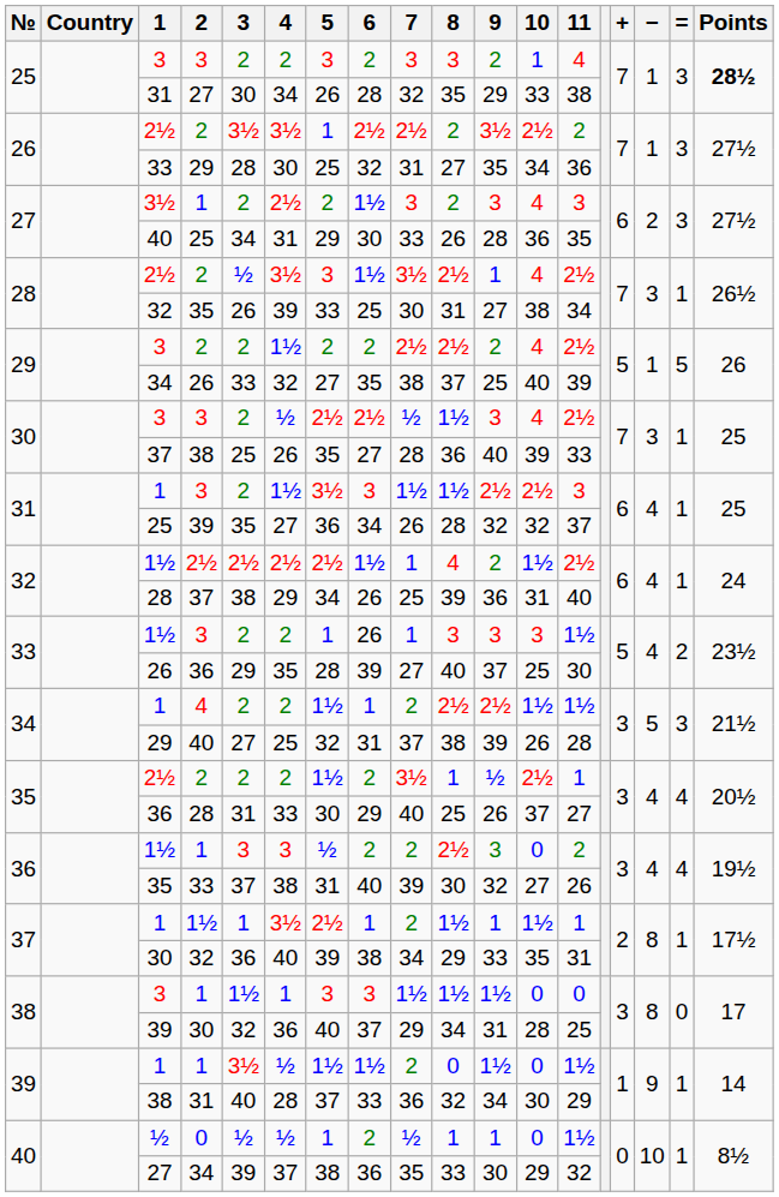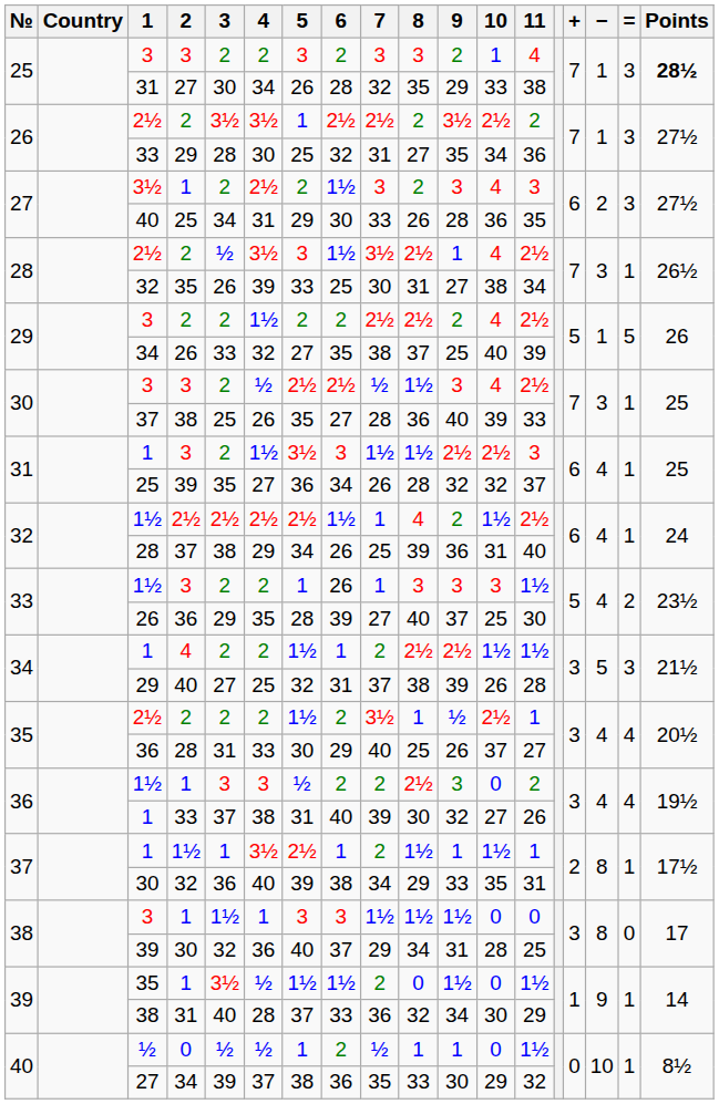 <table class="wikitable" style="text-align:center">
 <tr>
 <th>№</th>
 <th>Country</th>
 <th>1</th>
 <th>2</th>
 <th>3</th>
 <th>4</th>
 <th>5</th>
 <th>6</th>
 <th>7</th>
 <th>8</th>
 <th>9</th>
 <th>10</th>
 <th>11</th>
 <th></th>
 <th>+</th>
 <th>−</th>
 <th>=</th>
 <th>Points</th>
 </tr>
 <tr>
 <td rowspan="2">25</td>
 <td align=left rowspan="2"></td>
 <td style="color: red;">3</td>
 <td style="color: red;">3</td>
 <td style="color: green">2</td>
 <td style="color: green">2</td>
 <td style="color: red;">3</td>
 <td style="color: green">2</td>
 <td style="color: red;">3</td>
 <td style="color: red;">3</td>
 <td style="color: green">2</td>
 <td style="color: blue;">1</td>
 <td style="color: red;">4</td>
 <th rowspan="2"></th>
 <td rowspan="2">7</td>
 <td rowspan="2">1</td>
 <td rowspan="2">3</td>
 <td rowspan="2"><strong>28½</strong></td>
 </tr>
 <tr>
 <td>31</td>
 <td>27</td>
 <td>30</td>
 <td>34</td>
 <td>26</td>
 <td>28</td>
 <td>32</td>
 <td>35</td>
 <td>29</td>
 <td>33</td>
 <td>38</td>
 </tr>
 <tr>
 <td rowspan="2">26</td>
 <td align=left rowspan="2"></td>
 <td style="color: red;">2½</td>
 <td style="color: green">2</td>
 <td style="color: red;">3½</td>
 <td style="color: red;">3½</td>
 <td style="color: blue;">1</td>
 <td style="color: red;">2½</td>
 <td style="color: red;">2½</td>
 <td style="color: green">2</td>
 <td style="color: red;">3½</td>
 <td style="color: red;">2½</td>
 <td style="color: green">2</td>
 <th rowspan="2"></th>
 <td rowspan="2">7</td>
 <td rowspan="2">1</td>
 <td rowspan="2">3</td>
 <td rowspan="2">27½</td>
 </tr>
 <tr>
 <td>33</td>
 <td>29</td>
 <td>28</td>
 <td>30</td>
 <td>25</td>
 <td>32</td>
 <td>31</td>
 <td>27</td>
 <td>35</td>
 <td>34</td>
 <td>36</td>
 </tr>
 <tr>
 <td rowspan="2">27</td>
 <td align=left rowspan="2"></td>
 <td style="color: red;">3½</td>
 <td style="color: blue;">1</td>
 <td style="color: green">2</td>
 <td style="color: red;">2½</td>
 <td style="color: green">2</td>
 <td style="color: blue;">1½</td>
 <td style="color: red;">3</td>
 <td style="color: green">2</td>
 <td style="color: red;">3</td>
 <td style="color: red;">4</td>
 <td style="color: red;">3</td>
 <th rowspan="2"></th>
 <td rowspan="2">6</td>
 <td rowspan="2">2</td>
 <td rowspan="2">3</td>
 <td rowspan="2">27½</td>
 </tr>
 <tr>
 <td>40</td>
 <td>25</td>
 <td>34</td>
 <td>31</td>
 <td>29</td>
 <td>30</td>
 <td>33</td>
 <td>26</td>
 <td>28</td>
 <td>36</td>
 <td>35</td>
 </tr>
 <tr>
 <td rowspan="2">28</td>
 <td align=left rowspan="2"></td>
 <td style="color: red;">2½</td>
 <td style="color: green">2</td>
 <td style="color: blue;">½</td>
 <td style="color: red;">3½</td>
 <td style="color: red;">3</td>
 <td style="color: blue;">1½</td>
 <td style="color: red;">3½</td>
 <td style="color: red;">2½</td>
 <td style="color: blue;">1</td>
 <td style="color: red;">4</td>
 <td style="color: red;">2½</td>
 <th rowspan="2"></th>
 <td rowspan="2">7</td>
 <td rowspan="2">3</td>
 <td rowspan="2">1</td>
 <td rowspan="2">26½</td>
 </tr>
 <tr>
 <td>32</td>
 <td>35</td>
 <td>26</td>
 <td>39</td>
 <td>33</td>
 <td>25</td>
 <td>30</td>
 <td>31</td>
 <td>27</td>
 <td>38</td>
 <td>34</td>
 </tr>
 <tr>
 <td rowspan="2">29</td>
 <td align=left rowspan="2"></td>
 <td style="color: red;">3</td>
 <td style="color: green">2</td>
 <td style="color: green">2</td>
 <td style="color: blue;">1½</td>
 <td style="color: green">2</td>
 <td style="color: green">2</td>
 <td style="color: red;">2½</td>
 <td style="color: red;">2½</td>
 <td style="color: green">2</td>
 <td style="color: red;">4</td>
 <td style="color: red;">2½</td>
 <th rowspan="2"></th>
 <td rowspan="2">5</td>
 <td rowspan="2">1</td>
 <td rowspan="2">5</td>
 <td rowspan="2">26</td>
 </tr>
 <tr>
 <td>34</td>
 <td>26</td>
 <td>33</td>
 <td>32</td>
 <td>27</td>
 <td>35</td>
 <td>38</td>
 <td>37</td>
 <td>25</td>
 <td>40</td>
 <td>39</td>
 </tr>
 <tr>
 <td rowspan="2">30</td>
 <td align=left rowspan="2"></td>
 <td style="color: red;">3</td>
 <td style="color: red;">3</td>
 <td style="color: green">2</td>
 <td style="color: blue;">½</td>
 <td style="color: red;">2½</td>
 <td style="color: red;">2½</td>
 <td style="color: blue;">½</td>
 <td style="color: blue;">1½</td>
 <td style="color: red;">3</td>
 <td style="color: red;">4</td>
 <td style="color: red;">2½</td>
 <th rowspan="2"></th>
 <td rowspan="2">7</td>
 <td rowspan="2">3</td>
 <td rowspan="2">1</td>
 <td rowspan="2">25</td>
 </tr>
 <tr>
 <td>37</td>
 <td>38</td>
 <td>25</td>
 <td>26</td>
 <td>35</td>
 <td>27</td>
 <td>28</td>
 <td>36</td>
 <td>40</td>
 <td>39</td>
 <td>33</td>
 </tr>
 <tr>
 <td rowspan="2">31</td>
 <td align=left rowspan="2"></td>
 <td style="color: blue;">1</td>
 <td style="color: red;">3</td>
 <td style="color: green">2</td>
 <td style="color: blue;">1½</td>
 <td style="color: red;">3½</td>
 <td style="color: red;">3</td>
 <td style="color: blue;">1½</td>
 <td style="color: blue;">1½</td>
 <td style="color: red;">2½</td>
 <td style="color: red;">2½</td>
 <td style="color: red;">3</td>
 <th rowspan="2"></th>
 <td rowspan="2">6</td>
 <td rowspan="2">4</td>
 <td rowspan="2">1</td>
 <td rowspan="2">25</td>
 </tr>
 <tr>
 <td>25</td>
 <td>39</td>
 <td>35</td>
 <td>27</td>
 <td>36</td>
 <td>34</td>
 <td>26</td>
 <td>28</td>
 <td>32</td>
 <td>32</td>
 <td>37</td>
 </tr>
 <tr>
 <td rowspan="2">32</td>
 <td align=left rowspan="2"></td>
 <td style="color: blue;">1½</td>
 <td style="color: red;">2½</td>
 <td style="color: red;">2½</td>
 <td style="color: red;">2½</td>
 <td style="color: red;">2½</td>
 <td style="color: blue;">1½</td>
 <td style="color: blue;">1</td>
 <td style="color: red;">4</td>
 <td style="color: green">2</td>
 <td style="color: blue;">1½</td>
 <td style="color: red;">2½</td>
 <th rowspan="2"></th>
 <td rowspan="2">6</td>
 <td rowspan="2">4</td>
 <td rowspan="2">1</td>
 <td rowspan="2">24</td>
 </tr>
 <tr>
 <td>28</td>
 <td>37</td>
 <td>38</td>
 <td>29</td>
 <td>34</td>
 <td>26</td>
 <td>25</td>
 <td>39</td>
 <td>36</td>
 <td>31</td>
 <td>40</td>
 </tr>
 <tr>
 <td rowspan="2">33</td>
 <td align=left rowspan="2"></td>
 <td style="color: blue;">1½</td>
 <td style="color: red;">3</td>
 <td style="color: green">2</td>
 <td style="color: green">2</td>
 <td style="color: blue;">1</td>
 <td>26</td>
 <td style="color: blue;">1</td>
 <td style="color: red;">3</td>
 <td style="color: red;">3</td>
 <td style="color: red;">3</td>
 <td style="color: blue;">1½</td>
 <th rowspan="2"></th>
 <td rowspan="2">5</td>
 <td rowspan="2">4</td>
 <td rowspan="2">2</td>
 <td rowspan="2">23½</td>
 </tr>
 <tr>
 <td>26</td>
 <td>36</td>
 <td>29</td>
 <td>35</td>
 <td>28</td>
 <td>39</td>
 <td>27</td>
 <td>40</td>
 <td>37</td>
 <td>25</td>
 <td>30</td>
 </tr>
 <tr>
 <td rowspan="2">34</td>
 <td align=left rowspan="2"></td>
 <td style="color: blue;">1</td>
 <td style="color: red;">4</td>
 <td style="color: green">2</td>
 <td style="color: green">2</td>
 <td style="color: blue;">1½</td>
 <td style="color: blue;">1</td>
 <td style="color: green">2</td>
 <td style="color: red;">2½</td>
 <td style="color: red;">2½</td>
 <td style="color: blue;">1½</td>
 <td style="color: blue;">1½</td>
 <th rowspan="2"></th>
 <td rowspan="2">3</td>
 <td rowspan="2">5</td>
 <td rowspan="2">3</td>
 <td rowspan="2">21½</td>
 </tr>
 <tr>
 <td>29</td>
 <td>40</td>
 <td>27</td>
 <td>25</td>
 <td>32</td>
 <td>31</td>
 <td>37</td>
 <td>38</td>
 <td>39</td>
 <td>26</td>
 <td>28</td>
 </tr>
 <tr>
 <td rowspan="2">35</td>
 <td align=left rowspan="2"></td>
 <td style="color: red;">2½</td>
 <td style="color: green">2</td>
 <td style="color: green">2</td>
 <td style="color: green">2</td>
 <td style="color: blue;">1½</td>
 <td style="color: green">2</td>
 <td style="color: red;">3½</td>
 <td style="color: blue;">1</td>
 <td style="color: blue;">½</td>
 <td style="color: red;">2½</td>
 <td style="color: blue;">1</td>
 <th rowspan="2"></th>
 <td rowspan="2">3</td>
 <td rowspan="2">4</td>
 <td rowspan="2">4</td>
 <td rowspan="2">20½</td>
 </tr>
 <tr>
 <td>36</td>
 <td>28</td>
 <td>31</td>
 <td>33</td>
 <td>30</td>
 <td>29</td>
 <td>40</td>
 <td>25</td>
 <td>26</td>
 <td>37</td>
 <td>27</td>
 </tr>
 <tr>
 <td rowspan="2">36</td>
 <td align=left rowspan="2"></td>
 <td style="color: blue;">1½</td>
 <td style="color: blue;">1</td>
 <td style="color: red;">3</td>
 <td style="color: red;">3</td>
 <td style="color: blue;">½</td>
 <td style="color: green">2</td>
 <td style="color: green">2</td>
 <td style="color: red;">2½</td>
 <td style="color: green">3</td>
 <td style="color: blue;">0</td>
 <td style="color: green">2</td>
 <th rowspan="2"></th>
 <td rowspan="2">3</td>
 <td rowspan="2">4</td>
 <td rowspan="2">4</td>
 <td rowspan="2">19½</td>
 </tr>
 <tr>
-<td>35</td>
+<td style="color: blue;">1</td>
 <td>33</td>
 <td>37</td>
 <td>38</td>
 <td>31</td>
 <td>40</td>
 <td>39</td>
 <td>30</td>
 <td>32</td>
 <td>27</td>
 <td>26</td>
 </tr>
 <tr>
 <td rowspan="2">37</td>
 <td align=left rowspan="2"></td>
 <td style="color: blue;">1</td>
 <td style="color: blue;">1½</td>
 <td style="color: blue;">1</td>
 <td style="color: red;">3½</td>
 <td style="color: red;">2½</td>
 <td style="color: blue;">1</td>
 <td style="color: green">2</td>
 <td style="color: blue;">1½</td>
 <td style="color: blue;">1</td>
 <td style="color: blue;">1½</td>
 <td style="color: blue;">1</td>
 <th rowspan="2"></th>
 <td rowspan="2">2</td>
 <td rowspan="2">8</td>
 <td rowspan="2">1</td>
 <td rowspan="2">17½</td>
 </tr>
 <tr>
 <td>30</td>
 <td>32</td>
 <td>36</td>
 <td>40</td>
 <td>39</td>
 <td>38</td>
 <td>34</td>
 <td>29</td>
 <td>33</td>
 <td>35</td>
 <td>31</td>
 </tr>
 <tr>
 <td rowspan="2">38</td>
 <td align=left rowspan="2"></td>
 <td style="color: red;">3</td>
 <td style="color: blue;">1</td>
 <td style="color: blue;">1½</td>
 <td style="color: blue;">1</td>
 <td style="color: red;">3</td>
 <td style="color: red;">3</td>
 <td style="color: blue;">1½</td>
 <td style="color: blue;">1½</td>
 <td style="color: blue;">1½</td>
 <td style="color: blue;">0</td>
 <td style="color: blue;">0</td>
 <th rowspan="2"></th>
 <td rowspan="2">3</td>
 <td rowspan="2">8</td>
 <td rowspan="2">0</td>
 <td rowspan="2">17</td>
 </tr>
 <tr>
 <td>39</td>
 <td>30</td>
 <td>32</td>
 <td>36</td>
 <td>40</td>
 <td>37</td>
 <td>29</td>
 <td>34</td>
 <td>31</td>
 <td>28</td>
 <td>25</td>
 </tr>
 <tr>
 <td rowspan="2">39</td>
 <td align=left rowspan="2"></td>
-<td style="color: blue;">1</td>
+<td>35</td>
 <td style="color: blue;">1</td>
 <td style="color: red;">3½</td>
 <td style="color: blue;">½</td>
 <td style="color: blue;">1½</td>
 <td style="color: blue;">1½</td>
 <td style="color: green">2</td>
 <td style="color: blue;">0</td>
 <td style="color: blue;">1½</td>
 <td style="color: blue;">0</td>
 <td style="color: blue;">1½</td>
 <th rowspan="2"></th>
 <td rowspan="2">1</td>
 <td rowspan="2">9</td>
 <td rowspan="2">1</td>
 <td rowspan="2">14</td>
 </tr>
 <tr>
 <td>38</td>
 <td>31</td>
 <td>40</td>
 <td>28</td>
 <td>37</td>
 <td>33</td>
 <td>36</td>
 <td>32</td>
 <td>34</td>
 <td>30</td>
 <td>29</td>
 </tr>
 <tr>
 <td rowspan="2">40</td>
 <td align=left rowspan="2"></td>
 <td style="color: blue;">½</td>
 <td style="color: blue;">0</td>
 <td style="color: blue;">½</td>
 <td style="color: blue;">½</td>
 <td style="color: blue;">1</td>
 <td style="color: green">2</td>
 <td style="color: blue;">½</td>
 <td style="color: blue;">1</td>
 <td style="color: blue;">1</td>
 <td style="color: blue;">0</td>
 <td style="color: blue;">1½</td>
 <th rowspan="2"></th>
 <td rowspan="2">0</td>
 <td rowspan="2">10</td>
 <td rowspan="2">1</td>
 <td rowspan="2">8½</td>
 </tr>
 <tr>
 <td>27</td>
 <td>34</td>
 <td>39</td>
 <td>37</td>
 <td>38</td>
 <td>36</td>
 <td>35</td>
 <td>33</td>
 <td>30</td>
 <td>29</td>
 <td>32</td>
 </tr>
 </table>
